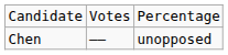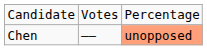 <table class="wikitable">
 <tr>
 <td>Candidate</td>
 <td>Votes</td>
 <td>Percentage</td>
 </tr>
 <tr>
 <td>Chen</td>
 <td>——</td>
-<td>unopposed</td>
+<td style="background: lightsalmon;">unopposed</td>
 </tr>
 </table>
